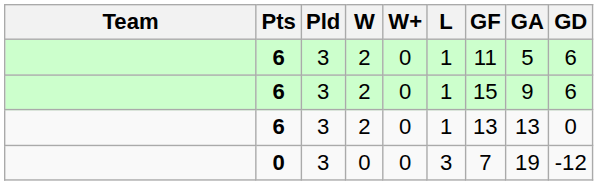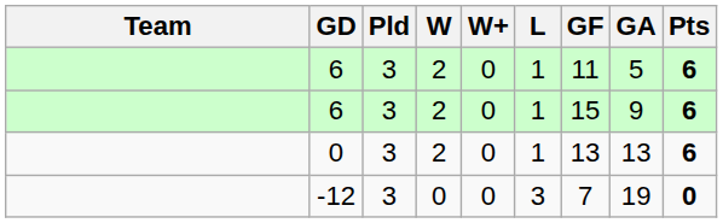 <table class="wikitable" style="text-align: center;">
 <tr>
 <th width="175">Team</th>
-<th width="20">Pts</th>
+<th width="20">GD</th>
 <th width="20">Pld</th>
 <th width="20">W</th>
 <th width="20">W+</th>
 <th width="20">L</th>
 <th width="20">GF</th>
 <th width="20">GA</th>
-<th width="20">GD</th>
+<th width="20">Pts</th>
 </tr>
 <tr align=center style="background:#ccffcc;">
 <td style="text-align:left;"></td>
-<td><strong>6</strong></td>
+<td>6</td>
 <td>3</td>
 <td>2</td>
 <td>0</td>
 <td>1</td>
 <td>11</td>
 <td>5</td>
-<td>6</td>
+<td><strong>6</strong></td>
 </tr>
 <tr align=center style="background:#ccffcc;">
 <td style="text-align:left;"></td>
-<td><strong>6</strong></td>
+<td>6</td>
 <td>3</td>
 <td>2</td>
 <td>0</td>
 <td>1</td>
 <td>15</td>
 <td>9</td>
-<td>6</td>
+<td><strong>6</strong></td>
 </tr>
 <tr align=center style="background:">
 <td style="text-align:left;"></td>
-<td><strong>6</strong></td>
+<td>0</td>
 <td>3</td>
 <td>2</td>
 <td>0</td>
 <td>1</td>
 <td>13</td>
 <td>13</td>
-<td>0</td>
+<td><strong>6</strong></td>
 </tr>
 <tr align=center style="background:">
 <td style="text-align:left;"></td>
-<td><strong>0</strong></td>
+<td>-12</td>
 <td>3</td>
 <td>0</td>
 <td>0</td>
 <td>3</td>
 <td>7</td>
 <td>19</td>
-<td>-12</td>
+<td><strong>0</strong></td>
 </tr>
 </table>
